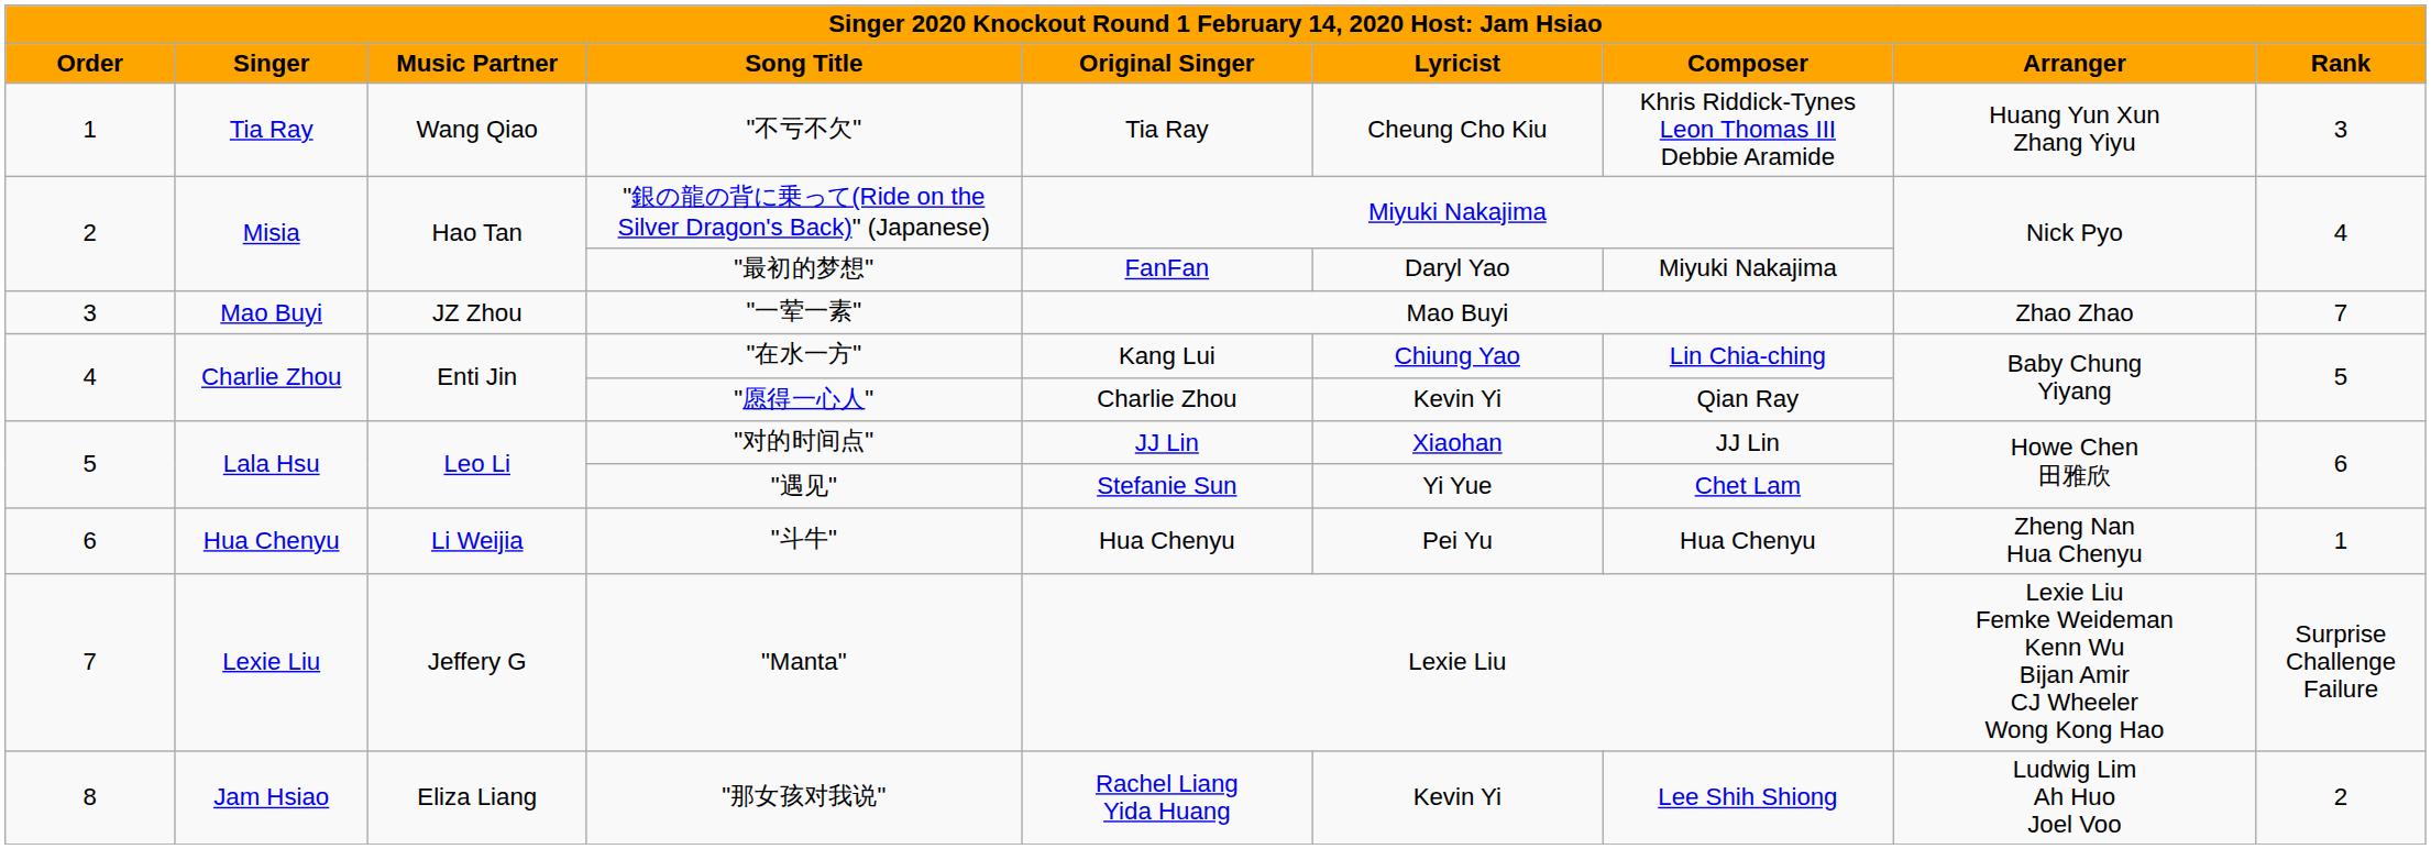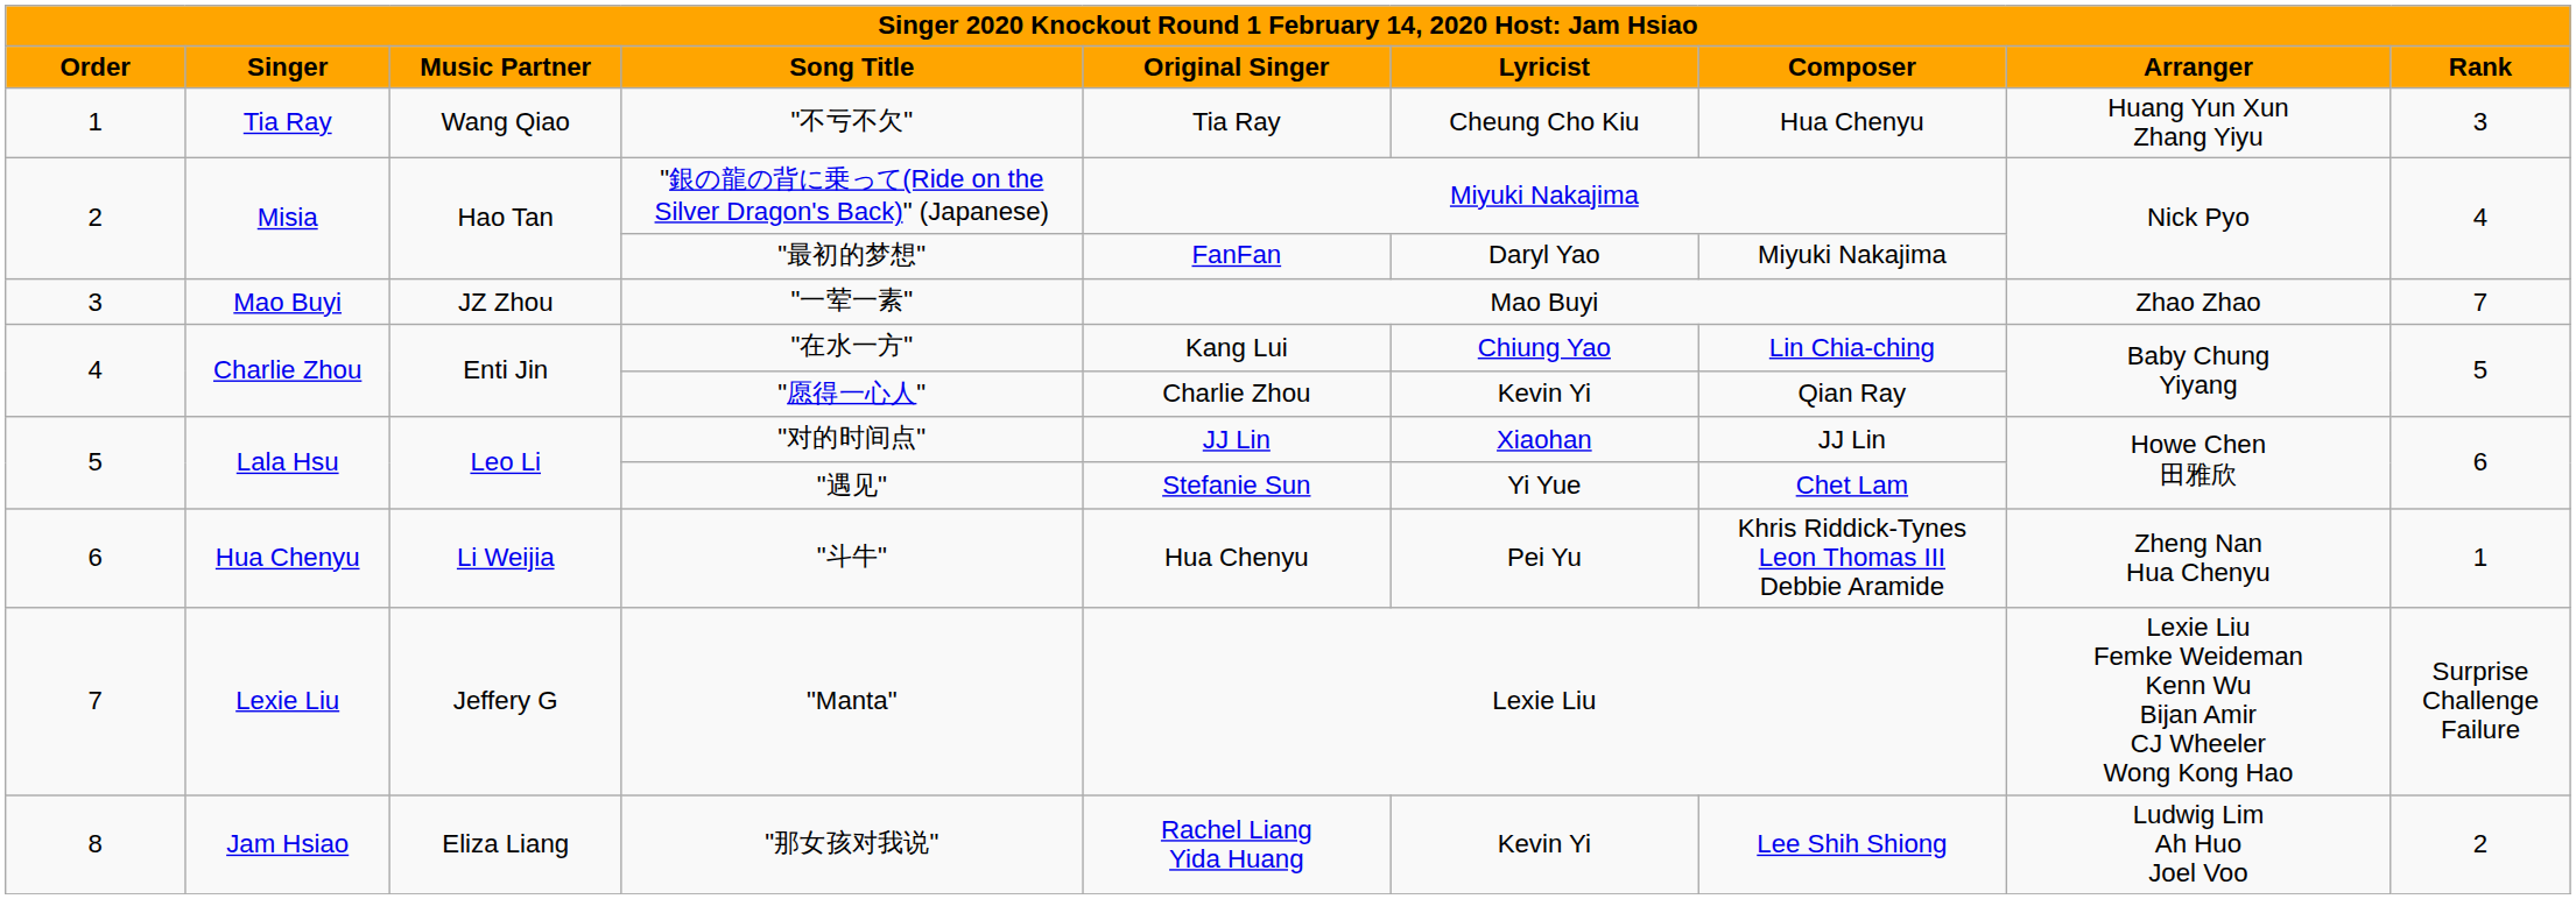 <table class="wikitable sortable mw-collapsible" width="100%" style="text-align:center">
 <tr align=center style="background:orange">
 <td colspan="9"><div><strong>Singer 2020 Knockout Round 1 February 14, 2020 Host: Jam Hsiao</strong></div></td>
 </tr>
 <tr style="background:orange">
 <td style="width:7%"><strong>Order</strong></td>
 <td style="width:8%"><strong>Singer</strong></td>
 <td style="width:9%"><strong>Music Partner</strong></td>
 <td style="width:18%"><strong>Song Title</strong></td>
 <td style="width:12%"><strong>Original Singer</strong></td>
 <td style="width:12% "><strong>Lyricist</strong></td>
 <td style="width:12%"><strong>Composer</strong></td>
 <td style="width:15%"><strong>Arranger</strong></td>
 <td style="width:7%"><strong>Rank</strong></td>
 </tr>
 <tr>
 <td>1</td>
 <td><a href='#'>Tia Ray</a></td>
 <td>Wang Qiao</td>
 <td>"不亏不欠"</td>
 <td>Tia Ray</td>
 <td>Cheung Cho Kiu</td>
-<td>Khris Riddick-Tynes<br><a href='#'>Leon Thomas III</a><br>Debbie Aramide</td>
+<td>Hua Chenyu</td>
 <td>Huang Yun Xun<br>Zhang Yiyu</td>
 <td>3</td>
 </tr>
 <tr>
 <td rowspan=2>2</td>
 <td rowspan=2><a href='#'>Misia</a></td>
 <td rowspan=2>Hao Tan</td>
 <td>"<a href='#'>銀の龍の背に乗って(Ride on the Silver Dragon's Back)</a>" (Japanese)</td>
 <td colspan=3><a href='#'>Miyuki Nakajima</a></td>
 <td rowspan=2>Nick Pyo</td>
 <td rowspan=2>4</td>
 </tr>
 <tr>
 <td>"最初的梦想"</td>
 <td><a href='#'>FanFan</a></td>
 <td>Daryl Yao</td>
 <td>Miyuki Nakajima</td>
 </tr>
 <tr>
 <td>3</td>
 <td><a href='#'>Mao Buyi</a></td>
 <td>JZ Zhou</td>
 <td>"一荤一素"</td>
 <td colspan=3>Mao Buyi</td>
 <td>Zhao Zhao</td>
 <td>7</td>
 </tr>
 <tr>
 <td rowspan=2>4</td>
 <td rowspan=2><a href='#'>Charlie Zhou</a></td>
 <td rowspan=2>Enti Jin</td>
 <td>"在水一方"</td>
 <td>Kang Lui</td>
 <td><a href='#'>Chiung Yao</a></td>
 <td><a href='#'>Lin Chia-ching</a></td>
 <td rowspan=2>Baby Chung<br>Yiyang</td>
 <td rowspan=2>5</td>
 </tr>
 <tr>
 <td>"<a href='#'>愿得一心人</a>"</td>
 <td>Charlie Zhou</td>
 <td>Kevin Yi</td>
 <td>Qian Ray</td>
 </tr>
 <tr>
 <td rowspan=2>5</td>
 <td rowspan=2><a href='#'>Lala Hsu</a></td>
 <td rowspan=2><a href='#'>Leo Li</a></td>
 <td>"对的时间点"</td>
 <td><a href='#'>JJ Lin</a></td>
 <td><a href='#'>Xiaohan</a></td>
 <td>JJ Lin</td>
 <td rowspan=2>Howe Chen<br>田雅欣</td>
 <td rowspan=2>6</td>
 </tr>
 <tr>
 <td>"遇见"</td>
 <td><a href='#'>Stefanie Sun</a></td>
 <td>Yi Yue</td>
 <td><a href='#'>Chet Lam</a></td>
 </tr>
 <tr>
 <td>6</td>
 <td><a href='#'>Hua Chenyu</a></td>
 <td><a href='#'>Li Weijia</a></td>
 <td>"斗牛"</td>
 <td>Hua Chenyu</td>
 <td>Pei Yu</td>
-<td>Hua Chenyu</td>
+<td>Khris Riddick-Tynes<br><a href='#'>Leon Thomas III</a><br>Debbie Aramide</td>
 <td>Zheng Nan<br>Hua Chenyu</td>
 <td>1</td>
 </tr>
 <tr>
 <td>7</td>
 <td><a href='#'>Lexie Liu</a></td>
 <td>Jeffery G</td>
 <td>"Manta"</td>
 <td colspan=3>Lexie Liu</td>
 <td>Lexie Liu<br>Femke Weideman<br>Kenn Wu<br>Bijan Amir<br>CJ Wheeler<br>Wong Kong Hao</td>
 <td>Surprise Challenge Failure</td>
 </tr>
 <tr>
 <td>8</td>
 <td><a href='#'>Jam Hsiao</a></td>
 <td>Eliza Liang</td>
 <td>"那女孩对我说"</td>
 <td><a href='#'>Rachel Liang </a><br><a href='#'>Yida Huang</a></td>
 <td>Kevin Yi</td>
 <td><a href='#'>Lee Shih Shiong</a></td>
 <td>Ludwig Lim<br>Ah Huo<br>Joel Voo</td>
 <td>2</td>
 </tr>
 </table>
